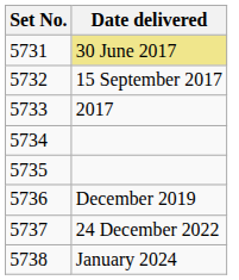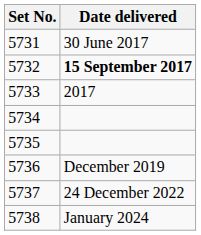 <table class="wikitable">
 <tr>
 <th>Set No.</th>
 <th>Date delivered</th>
 </tr>
 <tr>
 <td>5731</td>
-<td style="background: khaki;">30 June 2017</td>
+<td>30 June 2017</td>
 </tr>
 <tr>
 <td>5732</td>
-<td>15 September 2017</td>
+<td><strong>15 September 2017</strong></td>
 </tr>
 <tr>
 <td>5733</td>
 <td>2017</td>
 </tr>
 <tr>
 <td>5734</td>
 <td></td>
 </tr>
 <tr>
 <td>5735</td>
 <td></td>
 </tr>
 <tr>
 <td>5736</td>
 <td>December 2019</td>
 </tr>
 <tr>
 <td>5737</td>
 <td>24 December 2022</td>
 </tr>
 <tr>
 <td>5738</td>
 <td>January 2024</td>
 </tr>
 </table>
